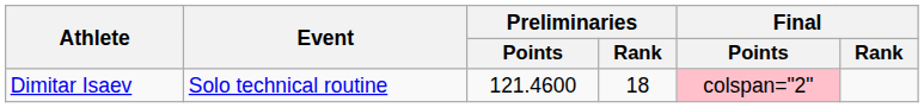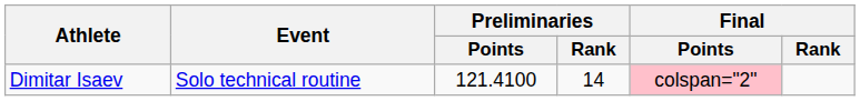 <table class="wikitable" style="text-align:center; font-size:90%; width:50%;">
 <tr>
 <th rowspan="2">Athlete</th>
 <th rowspan="2">Event</th>
 <th colspan="2">Preliminaries</th>
 <th colspan="2">Final</th>
 </tr>
 <tr style="font-size:95%">
 <th>Points</th>
 <th>Rank</th>
 <th>Points</th>
 <th>Rank</th>
 </tr>
 <tr>
 <td align=left><a href='#'>Dimitar Isaev</a></td>
 <td align=left><a href='#'>Solo technical routine</a></td>
-<td>121.4600</td>
-<td>18</td>
+<td>121.4100</td>
+<td>14</td>
 <td style="background: pink;">colspan="2" </td>
 </tr>
 </table>
